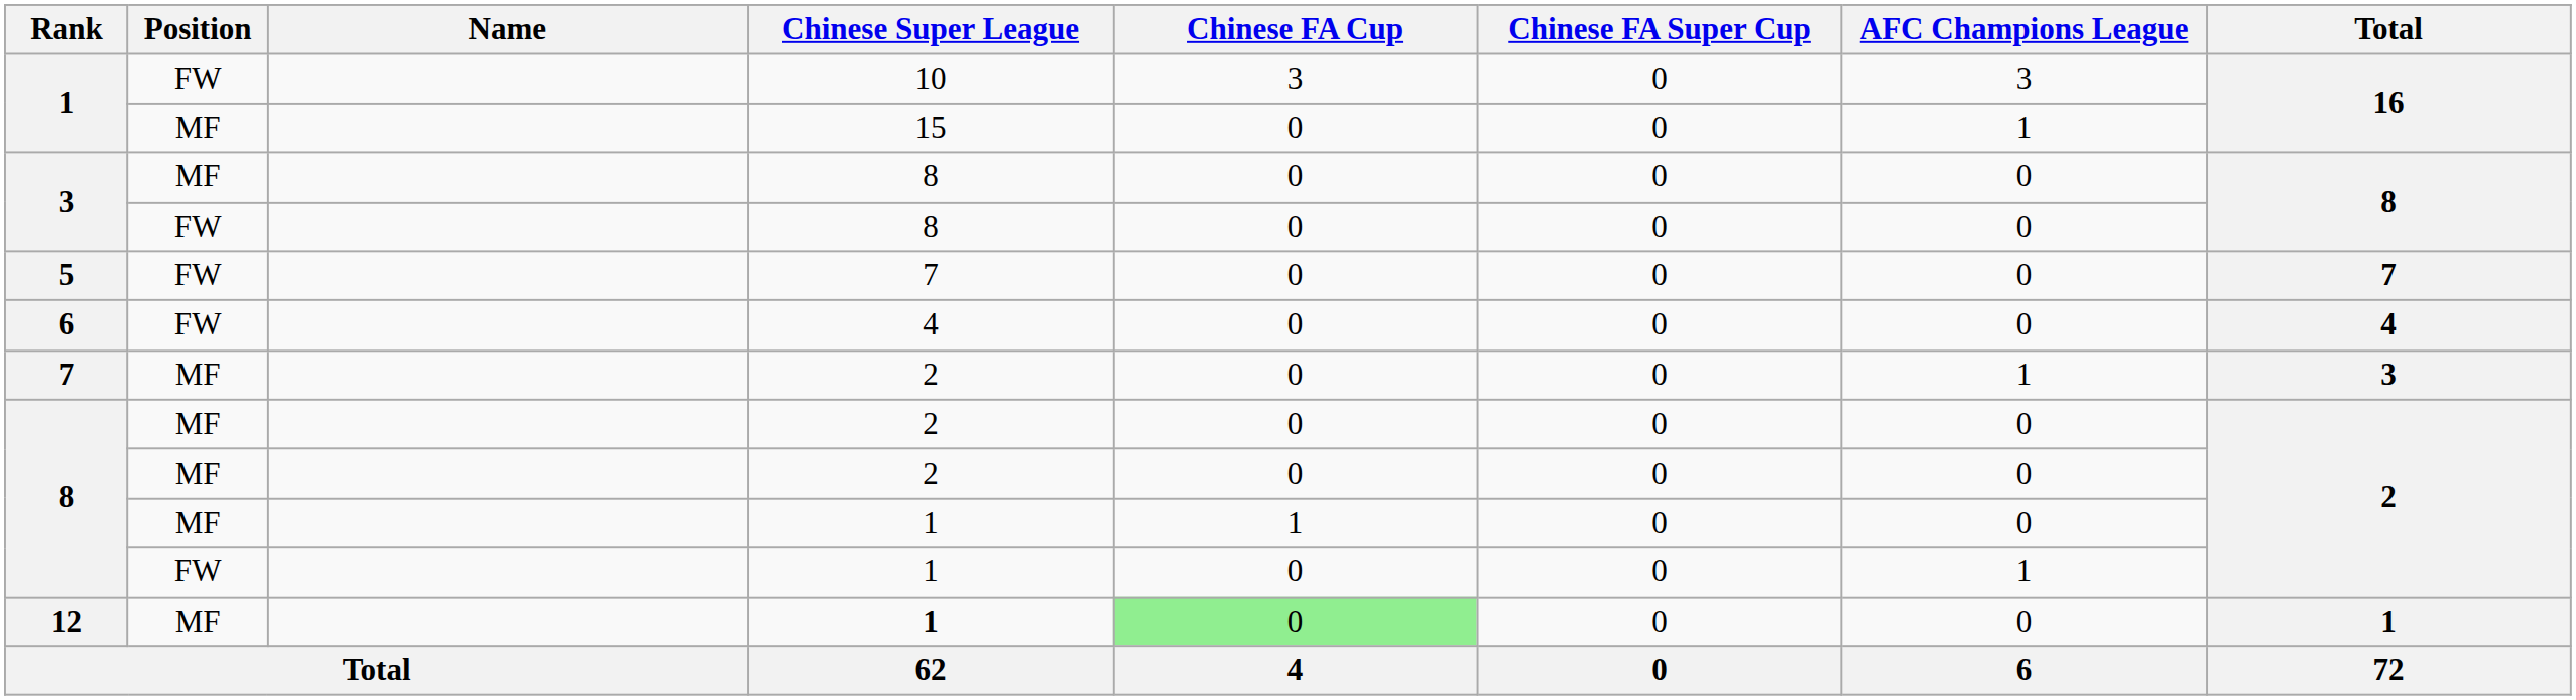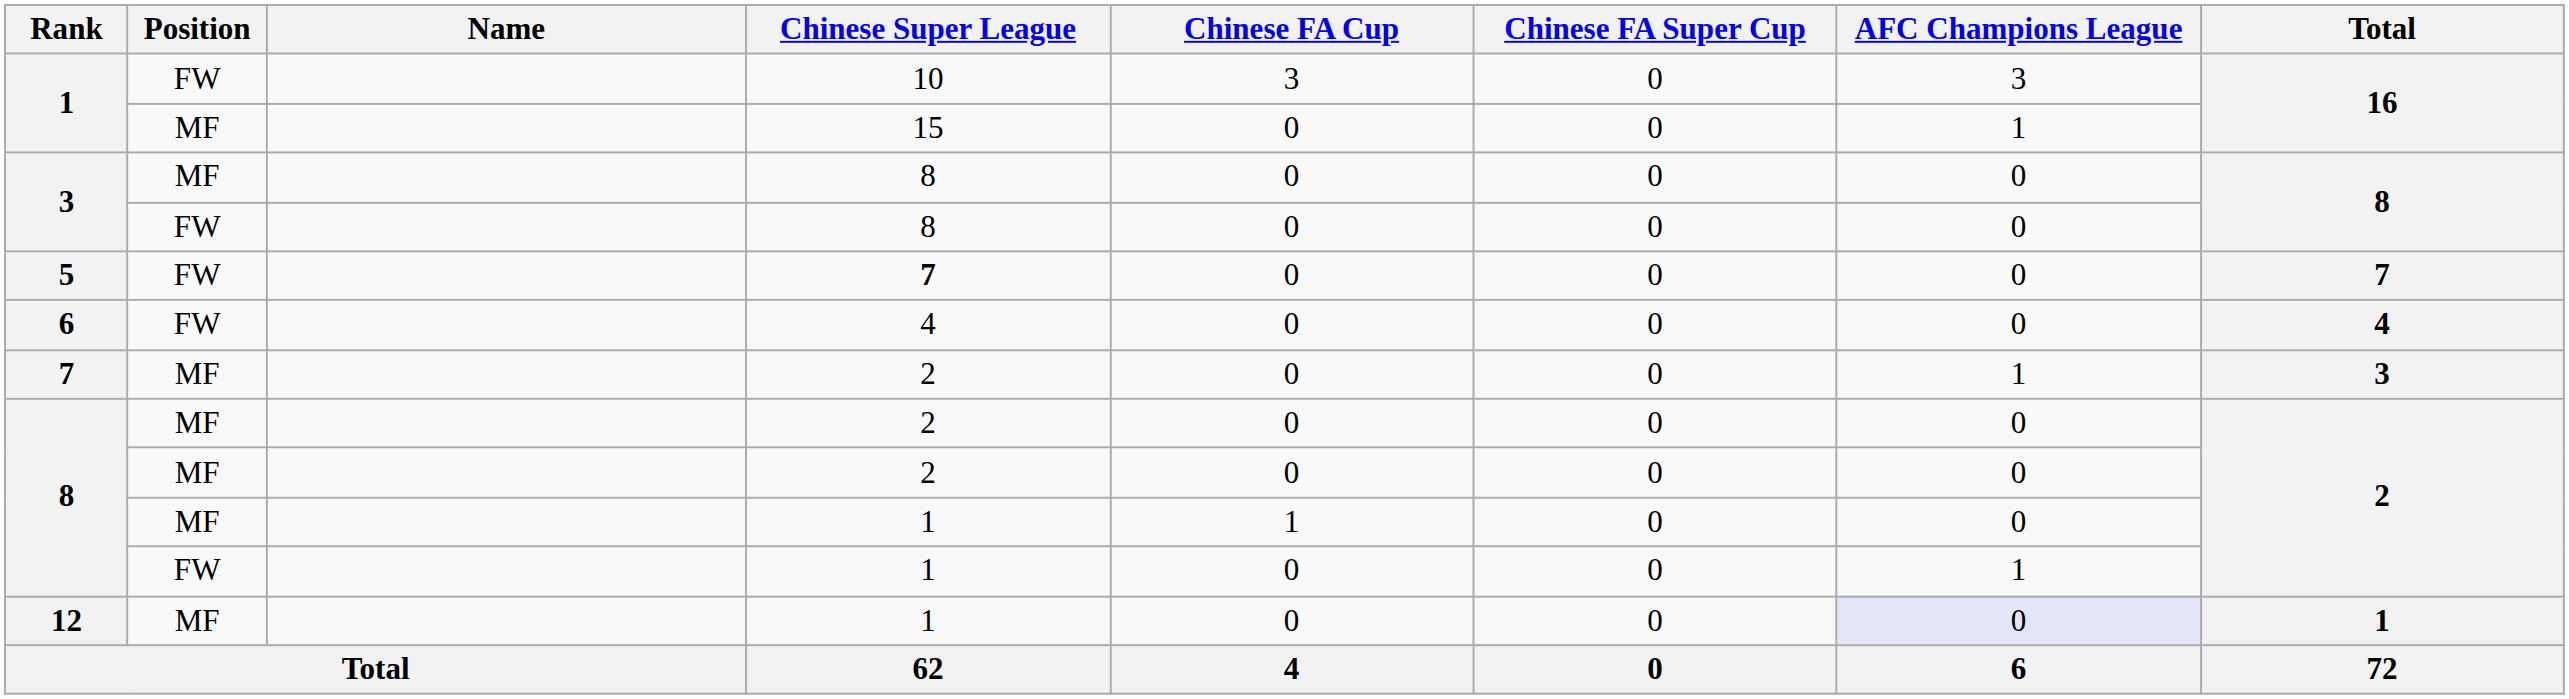 <table class="wikitable" style="text-align: center;">
 <tr>
 <th style="width:56px;">Rank</th>
 <th style="width:64px;">Position</th>
 <th style="width:240px;">Name</th>
 <th style="width:180px;"><a href='#'>Chinese Super League</a></th>
 <th style="width:180px;"><a href='#'>Chinese FA Cup</a></th>
 <th style="width:180px;"><a href='#'>Chinese FA Super Cup</a></th>
 <th style="width:180px;"><a href='#'>AFC Champions League</a></th>
 <th style="width:180px;"><strong>Total</strong></th>
 </tr>
 <tr>
 <th rowspan="2">1</th>
 <td>FW</td>
 <td align=left></td>
 <td>10</td>
 <td>3</td>
 <td>0</td>
 <td>3</td>
 <th rowspan="2">16</th>
 </tr>
 <tr>
 <td>MF</td>
 <td align=left></td>
 <td>15</td>
 <td>0</td>
 <td>0</td>
 <td>1</td>
 </tr>
 <tr>
 <th rowspan="2">3</th>
 <td>MF</td>
 <td align=left></td>
 <td>8</td>
 <td>0</td>
 <td>0</td>
 <td>0</td>
 <th rowspan="2">8</th>
 </tr>
 <tr>
 <td>FW</td>
 <td align=left></td>
 <td>8</td>
 <td>0</td>
 <td>0</td>
 <td>0</td>
 </tr>
 <tr>
 <th>5</th>
 <td>FW</td>
 <td align=left></td>
-<td>7</td>
+<td><strong>7</strong></td>
 <td>0</td>
 <td>0</td>
 <td>0</td>
 <th>7</th>
 </tr>
 <tr>
 <th>6</th>
 <td>FW</td>
 <td align=left></td>
 <td>4</td>
 <td>0</td>
 <td>0</td>
 <td>0</td>
 <th>4</th>
 </tr>
 <tr>
 <th>7</th>
 <td>MF</td>
 <td align=left></td>
 <td>2</td>
 <td>0</td>
 <td>0</td>
 <td>1</td>
 <th>3</th>
 </tr>
 <tr>
 <th rowspan="4">8</th>
 <td>MF</td>
 <td align=left></td>
 <td>2</td>
 <td>0</td>
 <td>0</td>
 <td>0</td>
 <th rowspan="4">2</th>
 </tr>
 <tr>
 <td>MF</td>
 <td align=left></td>
 <td>2</td>
 <td>0</td>
 <td>0</td>
 <td>0</td>
 </tr>
 <tr>
 <td>MF</td>
 <td align=left></td>
 <td>1</td>
 <td>1</td>
 <td>0</td>
 <td>0</td>
 </tr>
 <tr>
 <td>FW</td>
 <td align=left></td>
 <td>1</td>
 <td>0</td>
 <td>0</td>
 <td>1</td>
 </tr>
 <tr>
 <th rowspan="1">12</th>
 <td>MF</td>
 <td align=left></td>
-<td><strong>1</strong></td>
-<td style="background: lightgreen;">0</td>
+<td>1</td>
 <td>0</td>
 <td>0</td>
+<td style="background: lavender;">0</td>
 <th>1</th>
 </tr>
 <tr>
 <th colspan="3"><strong>Total</strong></th>
 <th>62</th>
 <th>4</th>
 <th>0</th>
 <th>6</th>
 <th>72</th>
 </tr>
 </table>
